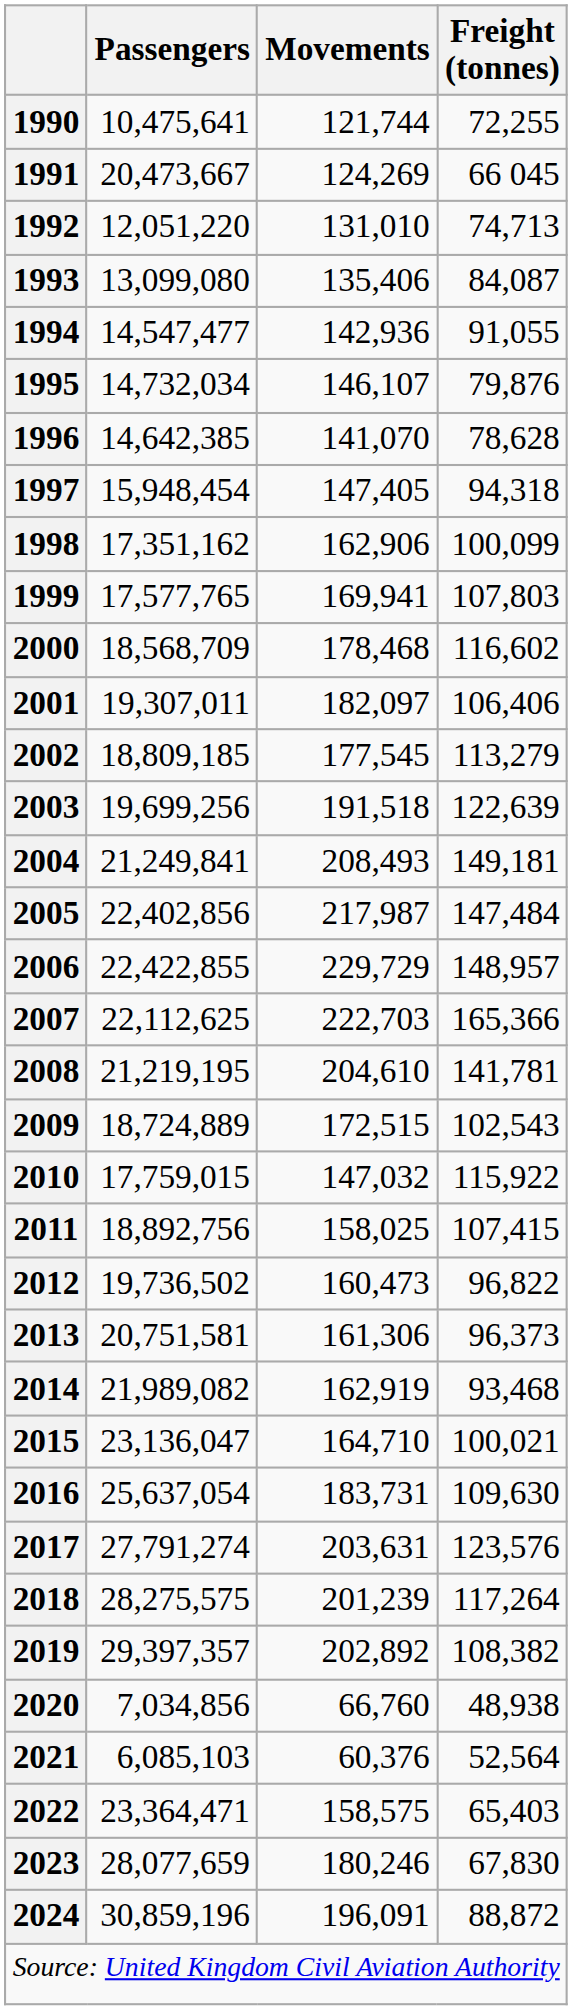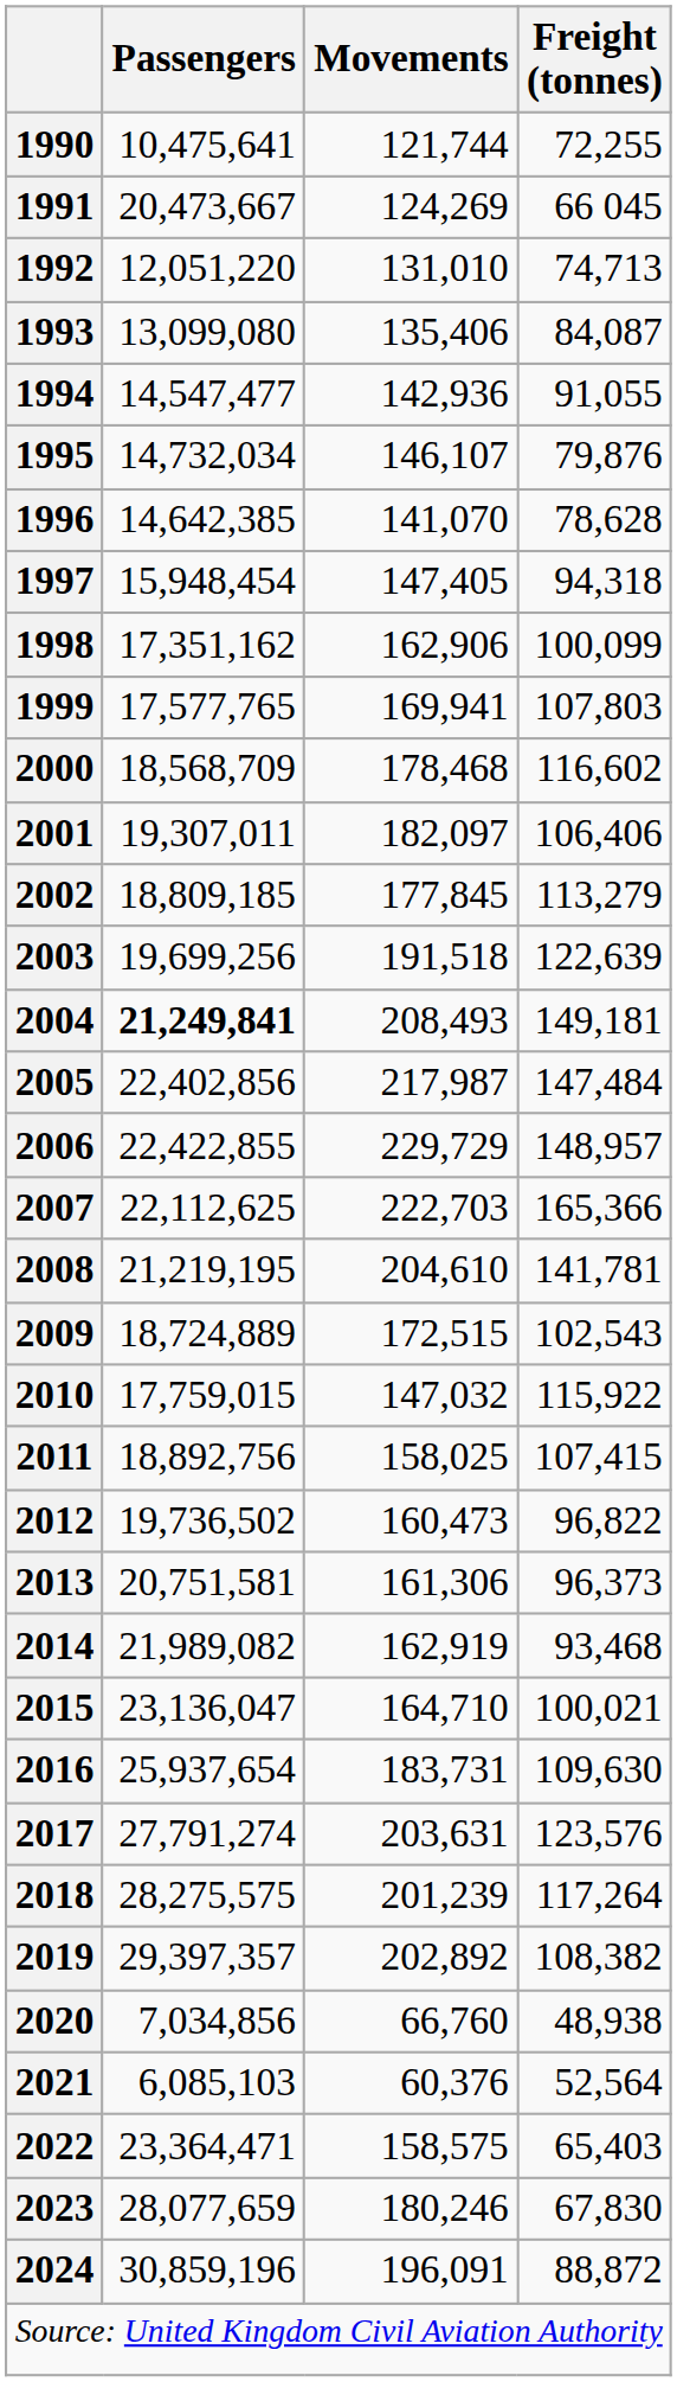 <table class="wikitable sortable" style="text-align: right; display:inline-table; margin: 1em auto">
 <tr>
 <th></th>
 <th>Passengers</th>
 <th>Movements</th>
 <th>Freight<br>(tonnes)</th>
 </tr>
 <tr>
 <th>1990</th>
 <td>10,475,641</td>
 <td>121,744</td>
 <td>72,255</td>
 </tr>
 <tr>
 <th>1991</th>
 <td>20,473,667</td>
 <td>124,269</td>
 <td>66 045</td>
 </tr>
 <tr>
 <th>1992</th>
 <td>12,051,220</td>
 <td>131,010</td>
 <td>74,713</td>
 </tr>
 <tr>
 <th>1993</th>
 <td>13,099,080</td>
 <td>135,406</td>
 <td>84,087</td>
 </tr>
 <tr>
 <th>1994</th>
 <td>14,547,477</td>
 <td>142,936</td>
 <td>91,055</td>
 </tr>
 <tr>
 <th>1995</th>
 <td>14,732,034</td>
 <td>146,107</td>
 <td>79,876</td>
 </tr>
 <tr>
 <th>1996</th>
 <td>14,642,385</td>
 <td>141,070</td>
 <td>78,628</td>
 </tr>
 <tr>
 <th>1997</th>
 <td>15,948,454</td>
 <td>147,405</td>
 <td>94,318</td>
 </tr>
 <tr>
 <th>1998</th>
 <td>17,351,162</td>
 <td>162,906</td>
 <td>100,099</td>
 </tr>
 <tr>
 <th>1999</th>
 <td>17,577,765</td>
 <td>169,941</td>
 <td>107,803</td>
 </tr>
 <tr>
 <th>2000</th>
 <td>18,568,709</td>
 <td>178,468</td>
 <td>116,602</td>
 </tr>
 <tr>
 <th>2001</th>
 <td>19,307,011</td>
 <td>182,097</td>
 <td>106,406</td>
 </tr>
 <tr>
 <th>2002</th>
 <td>18,809,185</td>
-<td>177,545</td>
+<td>177,845</td>
 <td>113,279</td>
 </tr>
 <tr>
 <th>2003</th>
 <td>19,699,256</td>
 <td>191,518</td>
 <td>122,639</td>
 </tr>
 <tr>
 <th>2004</th>
-<td>21,249,841</td>
+<td><strong>21,249,841</strong></td>
 <td>208,493</td>
 <td>149,181</td>
 </tr>
 <tr>
 <th>2005</th>
 <td>22,402,856</td>
 <td>217,987</td>
 <td>147,484</td>
 </tr>
 <tr>
 <th>2006</th>
 <td>22,422,855</td>
 <td>229,729</td>
 <td>148,957</td>
 </tr>
 <tr>
 <th>2007</th>
 <td>22,112,625</td>
 <td>222,703</td>
 <td>165,366</td>
 </tr>
 <tr>
 <th>2008</th>
 <td>21,219,195</td>
 <td>204,610</td>
 <td>141,781</td>
 </tr>
 <tr>
 <th>2009</th>
 <td>18,724,889</td>
 <td>172,515</td>
 <td>102,543</td>
 </tr>
 <tr>
 <th>2010</th>
 <td>17,759,015</td>
 <td>147,032</td>
 <td>115,922</td>
 </tr>
 <tr>
 <th>2011</th>
 <td>18,892,756</td>
 <td>158,025</td>
 <td>107,415</td>
 </tr>
 <tr>
 <th>2012</th>
 <td>19,736,502</td>
 <td>160,473</td>
 <td>96,822</td>
 </tr>
 <tr>
 <th>2013</th>
 <td>20,751,581</td>
 <td>161,306</td>
 <td>96,373</td>
 </tr>
 <tr>
 <th>2014</th>
 <td>21,989,082</td>
 <td>162,919</td>
 <td>93,468</td>
 </tr>
 <tr>
 <th>2015</th>
 <td>23,136,047</td>
 <td>164,710</td>
 <td>100,021</td>
 </tr>
 <tr>
 <th>2016</th>
-<td>25,637,054</td>
+<td>25,937,654</td>
 <td>183,731</td>
 <td>109,630</td>
 </tr>
 <tr>
 <th>2017</th>
 <td>27,791,274</td>
 <td>203,631</td>
 <td>123,576</td>
 </tr>
 <tr>
 <th>2018</th>
 <td>28,275,575</td>
 <td>201,239</td>
 <td>117,264</td>
 </tr>
 <tr>
 <th>2019</th>
 <td>29,397,357</td>
 <td>202,892</td>
 <td>108,382</td>
 </tr>
 <tr>
 <th>2020</th>
 <td>7,034,856</td>
 <td>66,760</td>
 <td>48,938</td>
 </tr>
 <tr>
 <th>2021</th>
 <td>6,085,103</td>
 <td>60,376</td>
 <td>52,564</td>
 </tr>
 <tr>
 <th>2022</th>
 <td>23,364,471</td>
 <td>158,575</td>
 <td>65,403</td>
 </tr>
 <tr>
 <th>2023</th>
 <td>28,077,659</td>
 <td>180,246</td>
 <td>67,830</td>
 </tr>
 <tr>
 <th>2024</th>
 <td>30,859,196</td>
 <td>196,091</td>
 <td>88,872</td>
 </tr>
 <tr class="sortbottom">
 <td colspan="4" style="text-align:right;"><sup><em>Source: <a href='#'>United Kingdom Civil Aviation Authority</a></em></sup></td>
 </tr>
 </table>
